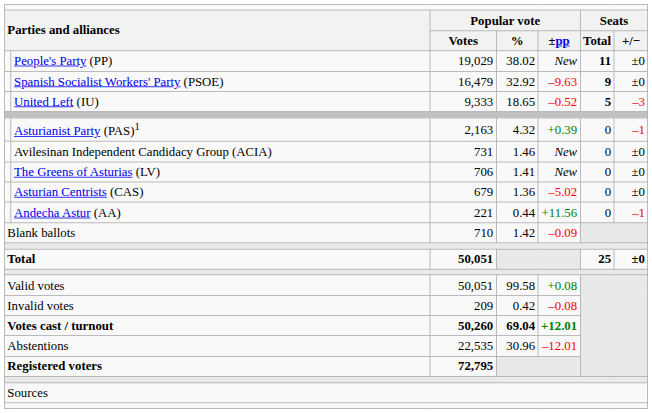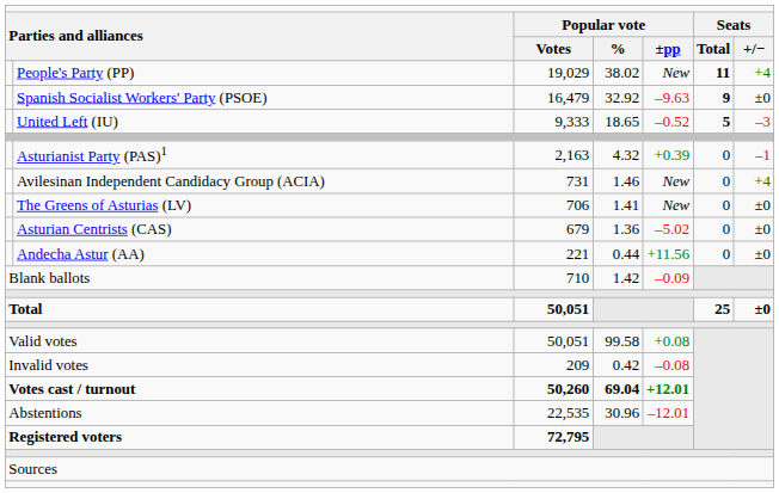 <table class="wikitable" style="text-align:right;">
 <tr>
 <td colspan="7"></td>
 </tr>
 <tr>
 <th style="text-align:left;" rowspan="2" colspan="2" width="525">Parties and alliances</th>
 <th colspan="3">Popular vote</th>
 <th colspan="2">Seats</th>
 </tr>
 <tr>
 <th width="75">Votes</th>
 <th width="45">%</th>
 <th width="45">±<a href='#'>pp</a></th>
 <th width="35">Total</th>
 <th width="35">+/−</th>
 </tr>
 <tr>
 <td width="1" style="color:inherit;background:"></td>
 <td align="left"><a href='#'>People's Party</a> (PP)</td>
 <td>19,029</td>
 <td>38.02</td>
 <td><em>New</em></td>
 <td><strong>11</strong></td>
-<td>±0</td>
+<td style="color:green;">+4</td>
 </tr>
 <tr>
 <td style="color:inherit;background:"></td>
 <td align="left"><a href='#'>Spanish Socialist Workers' Party</a> (PSOE)</td>
 <td>16,479</td>
 <td>32.92</td>
 <td style="color:red;">–9.63</td>
 <td><strong>9</strong></td>
 <td>±0</td>
 </tr>
 <tr>
 <td style="color:inherit;background:"></td>
 <td align="left"><a href='#'>United Left</a> (IU)</td>
 <td>9,333</td>
 <td>18.65</td>
 <td style="color:red;">–0.52</td>
 <td><strong>5</strong></td>
 <td style="color:red;">–3</td>
 </tr>
 <tr>
 <td colspan="7" bgcolor="#C0C0C0"></td>
 </tr>
 <tr>
 <td style="color:inherit;background:"></td>
 <td align="left"><a href='#'>Asturianist Party</a> (PAS)<sup>1</sup></td>
 <td>2,163</td>
 <td>4.32</td>
 <td style="color:green;">+0.39</td>
 <td>0</td>
 <td style="color:red;">–1</td>
 </tr>
 <tr>
 <td bgcolor="white"></td>
 <td align="left">Avilesinan Independent Candidacy Group (ACIA)</td>
 <td>731</td>
 <td>1.46</td>
 <td><em>New</em></td>
 <td>0</td>
-<td>±0</td>
+<td style="color:green;">+4</td>
 </tr>
 <tr>
 <td style="color:inherit;background:"></td>
 <td align="left"><a href='#'>The Greens of Asturias</a> (LV)</td>
 <td>706</td>
 <td>1.41</td>
 <td><em>New</em></td>
 <td>0</td>
 <td>±0</td>
 </tr>
 <tr>
 <td style="color:inherit;background:"></td>
 <td align="left"><a href='#'>Asturian Centrists</a> (CAS)</td>
 <td>679</td>
 <td>1.36</td>
 <td style="color:red;">–5.02</td>
 <td>0</td>
 <td>±0</td>
 </tr>
 <tr>
 <td style="color:inherit;background:"></td>
 <td align="left"><a href='#'>Andecha Astur</a> (AA)</td>
 <td>221</td>
 <td>0.44</td>
 <td style="color:green;">+11.56</td>
 <td>0</td>
-<td style="color:red;">–1</td>
+<td>±0</td>
 </tr>
 <tr>
 <td align="left" colspan="2">Blank ballots</td>
 <td>710</td>
 <td>1.42</td>
 <td style="color:red;">–0.09</td>
 <td bgcolor="#E9E9E9" colspan="2"></td>
 </tr>
 <tr>
 <td colspan="7" bgcolor="#E9E9E9"></td>
 </tr>
 <tr style="font-weight:bold;">
 <td align="left" colspan="2">Total</td>
 <td>50,051</td>
 <td bgcolor="#E9E9E9" colspan="2"></td>
 <td>25</td>
 <td>±0</td>
 </tr>
 <tr>
 <td colspan="7" bgcolor="#E9E9E9"></td>
 </tr>
 <tr>
 <td align="left" colspan="2">Valid votes</td>
 <td>50,051</td>
 <td>99.58</td>
 <td style="color:green;">+0.08</td>
 <td bgcolor="#E9E9E9" colspan="2" rowspan="5"></td>
 </tr>
 <tr>
 <td align="left" colspan="2">Invalid votes</td>
 <td>209</td>
 <td>0.42</td>
 <td style="color:red;">–0.08</td>
 </tr>
 <tr style="font-weight:bold;">
 <td align="left" colspan="2">Votes cast / turnout</td>
 <td>50,260</td>
 <td>69.04</td>
 <td style="color:green;">+12.01</td>
 </tr>
 <tr>
 <td align="left" colspan="2">Abstentions</td>
 <td>22,535</td>
 <td>30.96</td>
 <td style="color:red;">–12.01</td>
 </tr>
 <tr style="font-weight:bold;">
 <td align="left" colspan="2">Registered voters</td>
 <td>72,795</td>
 <td bgcolor="#E9E9E9" colspan="2"></td>
 </tr>
 <tr>
 <td colspan="7" bgcolor="#E9E9E9"></td>
 </tr>
 <tr>
 <td align="left" colspan="7">Sources</td>
 </tr>
 <tr>
 <td colspan="7" style="text-align:left; max-width:790px;"></td>
 </tr>
 </table>
